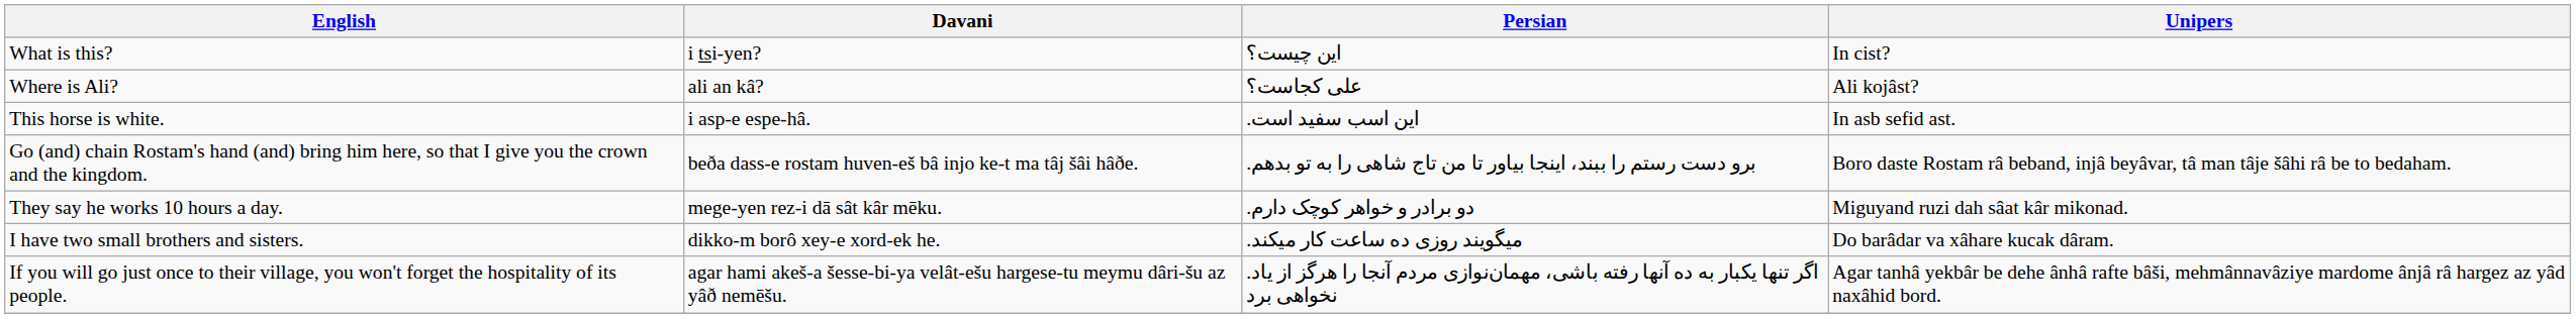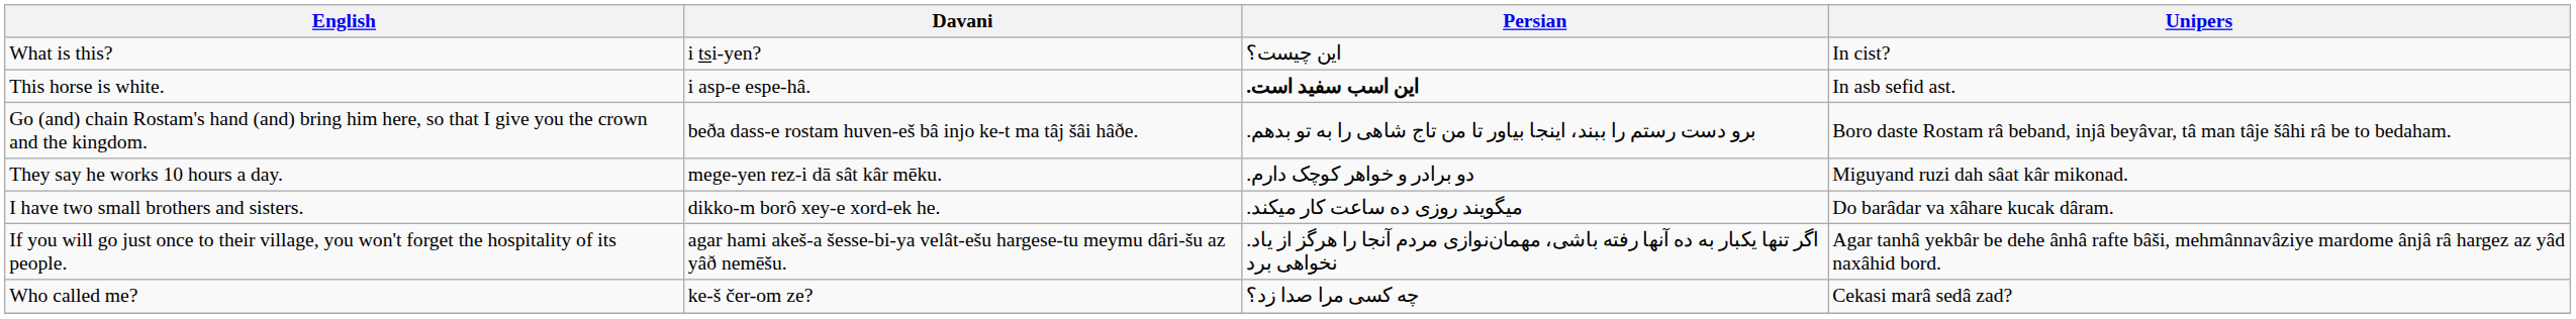 <table class="wikitable" style="font-size: 95%">
 <tr>
 <th><a href='#'>English</a></th>
 <th>Davani</th>
 <th><a href='#'>Persian</a></th>
 <th><a href='#'>Unipers</a></th>
 </tr>
 <tr>
 <td>What is this?</td>
 <td>i <u>ts</u>i-yen?</td>
 <td>این چیست؟</td>
 <td>In cist?</td>
 </tr>
 <tr>
-<td>Where is Ali?</td>
-<td>ali an kâ?</td>
-<td>علی کجاست؟</td>
-<td>Ali kojâst?</td>
-</tr>
-<tr>
 <td>This horse is white.</td>
 <td>i asp-e espe-hâ.</td>
-<td>.این اسب سفید است</td>
+<td><strong>.این اسب سفید است</strong></td>
 <td>In asb sefid ast.</td>
 </tr>
 <tr>
 <td>Go (and) chain Rostam's hand (and) bring him here, so that I give you the crown and the kingdom.</td>
 <td>beða dass-e rostam huven-eš bâ injo ke-t ma tâj šâi hâðe.</td>
 <td>.برو دست رستم را ببند، اینجا بیاور تا من تاج شاهی را به تو بدهم</td>
 <td>Boro daste Rostam râ beband, injâ beyâvar, tâ man tâje šâhi râ be to bedaham.</td>
 </tr>
 <tr>
 <td>They say he works 10 hours a day.</td>
 <td>mege-yen rez-i dā sât kâr mēku.</td>
 <td>.دو برادر و خواهر کوچک دارم</td>
 <td>Miguyand ruzi dah sâat kâr mikonad.</td>
 </tr>
 <tr>
 <td>I have two small brothers and sisters.</td>
 <td>dikko-m borô xey-e xord-ek he.</td>
 <td>.میگویند روزی ده ساعت کار میکند</td>
 <td>Do barâdar va xâhare kucak dâram.</td>
 </tr>
 <tr>
 <td>If you will go just once to their village, you won't forget the hospitality of its people.</td>
 <td>agar hami akeš-a šesse-bi-ya velât-ešu hargese-tu meymu dâri-šu az yâð nemēšu.</td>
 <td>.اگر تنها یکبار به ده آنها رفته باشی، مهمان‌نوازی مردم آنجا را هرگز از یاد نخواهی برد</td>
 <td>Agar tanhâ yekbâr be dehe ânhâ rafte bâši, mehmânnavâziye mardome ânjâ râ hargez az yâd naxâhid bord.</td>
 </tr>
 <tr>
+<td>Who called me?</td>
+<td>ke-š čer-om ze?</td>
+<td>چه کسی مرا صدا زد؟</td>
+<td>Cekasi marâ sedâ zad?</td>
+</tr>
+<tr>
 </tr>
 </table>
